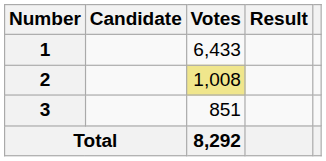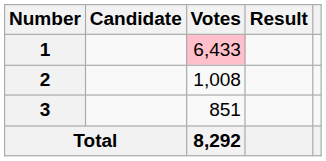 <table class="wikitable sortable">
 <tr>
 <th scope="col">Number</th>
 <th scope="col">Candidate</th>
 <th scope="col">Votes</th>
 <th scope="col">Result</th>
 <th scope="col" class="unsortable"></th>
 </tr>
 <tr>
 <th scope="row">1</th>
 <td></td>
-<td style="text-align:right">6,433</td>
+<td style="background: pink; text-align:right">6,433</td>
 <td></td>
 <td></td>
 </tr>
 <tr>
 <th scope="row">2</th>
 <td></td>
-<td style="background: khaki; text-align:right">1,008</td>
+<td style="text-align:right">1,008</td>
 <td></td>
 <td></td>
 </tr>
 <tr>
 <th scope="row">3</th>
 <td></td>
 <td style="text-align:right">851</td>
 <td></td>
 <td></td>
 </tr>
 <tr class="sortbottom">
 <th scope="row" colspan="2">Total</th>
 <th style="text-align:right">8,292</th>
 <th></th>
 <th></th>
 </tr>
 </table>
